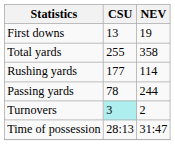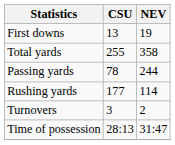 <table class="wikitable">
 <tr>
 <th>Statistics</th>
 <th>CSU</th>
 <th>NEV</th>
 </tr>
 <tr>
 <td>First downs</td>
 <td>13</td>
 <td>19</td>
 </tr>
 <tr>
 <td>Total yards</td>
 <td>255</td>
 <td>358</td>
 </tr>
 <tr>
+<td>Passing yards</td>
+<td>78</td>
+<td>244</td>
+</tr>
+<tr>
 <td>Rushing yards</td>
 <td>177</td>
 <td>114</td>
 </tr>
 <tr>
-<td>Passing yards</td>
-<td>78</td>
-<td>244</td>
-</tr>
-<tr>
 <td>Turnovers</td>
-<td style="background: paleturquoise;">3</td>
+<td>3</td>
 <td>2</td>
 </tr>
 <tr>
 <td>Time of possession</td>
 <td>28:13</td>
 <td>31:47</td>
 </tr>
 <tr>
 </tr>
 </table>
